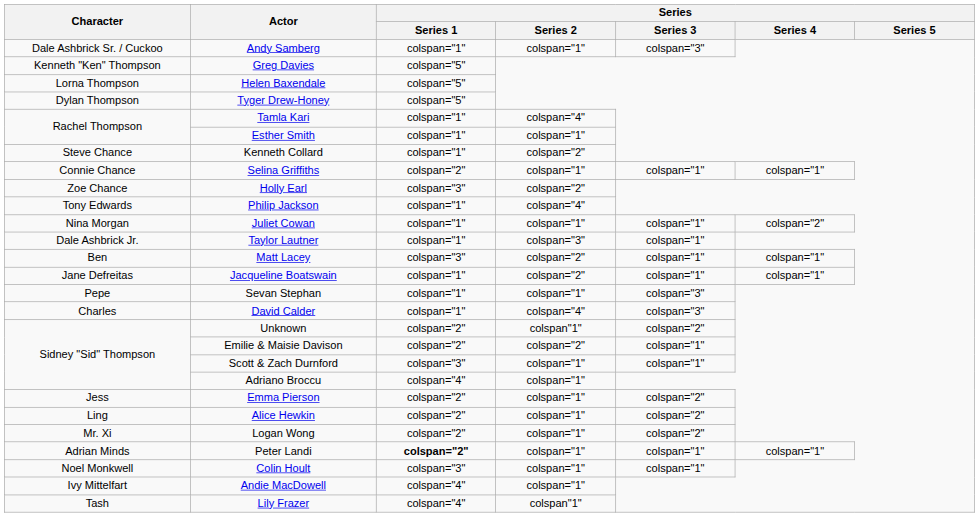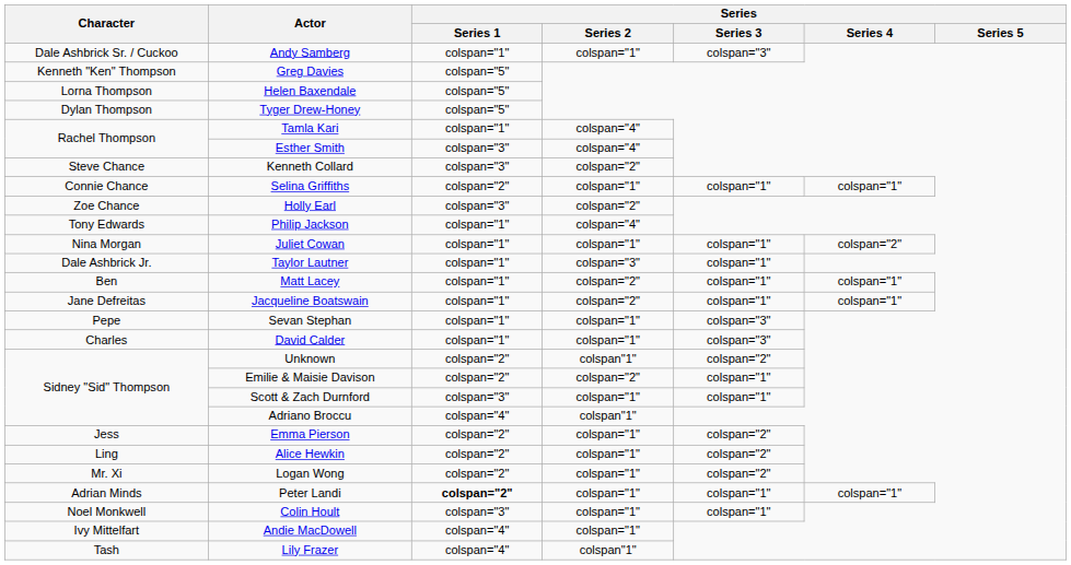 <table class="wikitable" style="text-align:center;">
 <tr>
 <th style="width:14%;" rowspan="2">Character</th>
 <th style="width:14%;" rowspan="2">Actor</th>
 <th colspan="13">Series</th>
 </tr>
 <tr>
 <th style="width:9%;">Series 1</th>
 <th style="width:9%;">Series 2</th>
 <th style="width:9%;">Series 3</th>
 <th style="width:9%;">Series 4</th>
 <th style="width:9%;">Series 5</th>
 </tr>
 <tr>
 <td>Dale Ashbrick Sr. / Cuckoo</td>
 <td><a href='#'>Andy Samberg</a></td>
 <td>colspan="1" </td>
 <td>colspan="1" </td>
 <td>colspan="3" </td>
 </tr>
 <tr>
 <td>Kenneth "Ken" Thompson</td>
 <td><a href='#'>Greg Davies</a></td>
 <td>colspan="5" </td>
 </tr>
 <tr>
 <td>Lorna Thompson</td>
 <td><a href='#'>Helen Baxendale</a></td>
 <td>colspan="5" </td>
 </tr>
 <tr>
 <td>Dylan Thompson</td>
 <td><a href='#'>Tyger Drew-Honey</a></td>
 <td>colspan="5" </td>
 </tr>
 <tr>
 <td rowspan="2">Rachel Thompson</td>
 <td><a href='#'>Tamla Kari</a></td>
 <td>colspan="1" </td>
 <td>colspan="4" </td>
 </tr>
 <tr>
 <td><a href='#'>Esther Smith</a></td>
-<td>colspan="1" </td>
-<td>colspan="1" </td>
+<td>colspan="3" </td>
+<td>colspan="4" </td>
 </tr>
 <tr>
 <td>Steve Chance</td>
 <td>Kenneth Collard</td>
-<td>colspan="1" </td>
+<td>colspan="3" </td>
 <td>colspan="2" </td>
 </tr>
 <tr>
 <td>Connie Chance</td>
 <td><a href='#'>Selina Griffiths</a></td>
 <td>colspan="2" </td>
 <td>colspan="1" </td>
 <td>colspan="1" </td>
 <td>colspan="1" </td>
 </tr>
 <tr>
 <td>Zoe Chance</td>
 <td><a href='#'>Holly Earl</a></td>
 <td>colspan="3" </td>
 <td>colspan="2" </td>
 </tr>
 <tr>
 <td>Tony Edwards</td>
 <td><a href='#'>Philip Jackson</a></td>
 <td>colspan="1" </td>
 <td>colspan="4" </td>
 </tr>
 <tr>
 <td>Nina Morgan</td>
 <td><a href='#'>Juliet Cowan</a></td>
 <td>colspan="1" </td>
 <td>colspan="1" </td>
 <td>colspan="1" </td>
 <td>colspan="2" </td>
 </tr>
 <tr>
 <td>Dale Ashbrick Jr.</td>
 <td><a href='#'>Taylor Lautner</a></td>
 <td>colspan="1" </td>
 <td>colspan="3" </td>
 <td>colspan="1" </td>
 </tr>
 <tr>
 <td>Ben</td>
 <td><a href='#'>Matt Lacey</a></td>
-<td>colspan="3" </td>
+<td>colspan="1" </td>
 <td>colspan="2" </td>
 <td>colspan="1" </td>
 <td>colspan="1" </td>
 </tr>
 <tr>
 <td>Jane Defreitas</td>
 <td><a href='#'>Jacqueline Boatswain</a></td>
 <td>colspan="1" </td>
 <td>colspan="2" </td>
 <td>colspan="1" </td>
 <td>colspan="1" </td>
 </tr>
 <tr>
 <td>Pepe</td>
 <td>Sevan Stephan</td>
 <td>colspan="1" </td>
 <td>colspan="1" </td>
 <td>colspan="3" </td>
 </tr>
 <tr>
 <td>Charles</td>
 <td><a href='#'>David Calder</a></td>
 <td>colspan="1" </td>
-<td>colspan="4" </td>
+<td>colspan="1" </td>
 <td>colspan="3" </td>
 </tr>
 <tr>
 <td rowspan="4">Sidney "Sid" Thompson</td>
 <td>Unknown</td>
 <td>colspan="2" </td>
 <td>colspan"1" </td>
 <td>colspan="2" </td>
 </tr>
 <tr>
 <td>Emilie & Maisie Davison</td>
 <td>colspan="2" </td>
 <td>colspan="2" </td>
 <td>colspan="1" </td>
 </tr>
 <tr>
 <td>Scott & Zach Durnford</td>
 <td>colspan="3" </td>
 <td>colspan="1" </td>
 <td>colspan="1" </td>
 </tr>
 <tr>
 <td>Adriano Broccu</td>
 <td>colspan="4" </td>
-<td>colspan="1" </td>
+<td>colspan"1" </td>
 </tr>
 <tr>
 <td>Jess</td>
 <td><a href='#'>Emma Pierson</a></td>
 <td>colspan="2" </td>
 <td>colspan="1" </td>
 <td>colspan="2" </td>
 </tr>
 <tr>
 <td>Ling</td>
 <td><a href='#'>Alice Hewkin</a></td>
 <td>colspan="2" </td>
 <td>colspan="1" </td>
 <td>colspan="2" </td>
 </tr>
 <tr>
 <td>Mr. Xi</td>
 <td>Logan Wong</td>
 <td>colspan="2" </td>
 <td>colspan="1" </td>
 <td>colspan="2" </td>
 </tr>
 <tr>
 <td>Adrian Minds</td>
 <td>Peter Landi</td>
 <td><strong>colspan="2" </strong></td>
 <td>colspan="1" </td>
 <td>colspan="1" </td>
 <td>colspan="1" </td>
 </tr>
 <tr>
 <td>Noel Monkwell</td>
 <td><a href='#'>Colin Hoult</a></td>
 <td>colspan="3" </td>
 <td>colspan="1" </td>
 <td>colspan="1" </td>
 </tr>
 <tr>
 <td>Ivy Mittelfart</td>
 <td><a href='#'>Andie MacDowell</a></td>
 <td>colspan="4" </td>
 <td>colspan="1" </td>
 </tr>
 <tr>
 <td>Tash</td>
 <td><a href='#'>Lily Frazer</a></td>
 <td>colspan="4" </td>
 <td>colspan"1" </td>
 </tr>
 </table>
